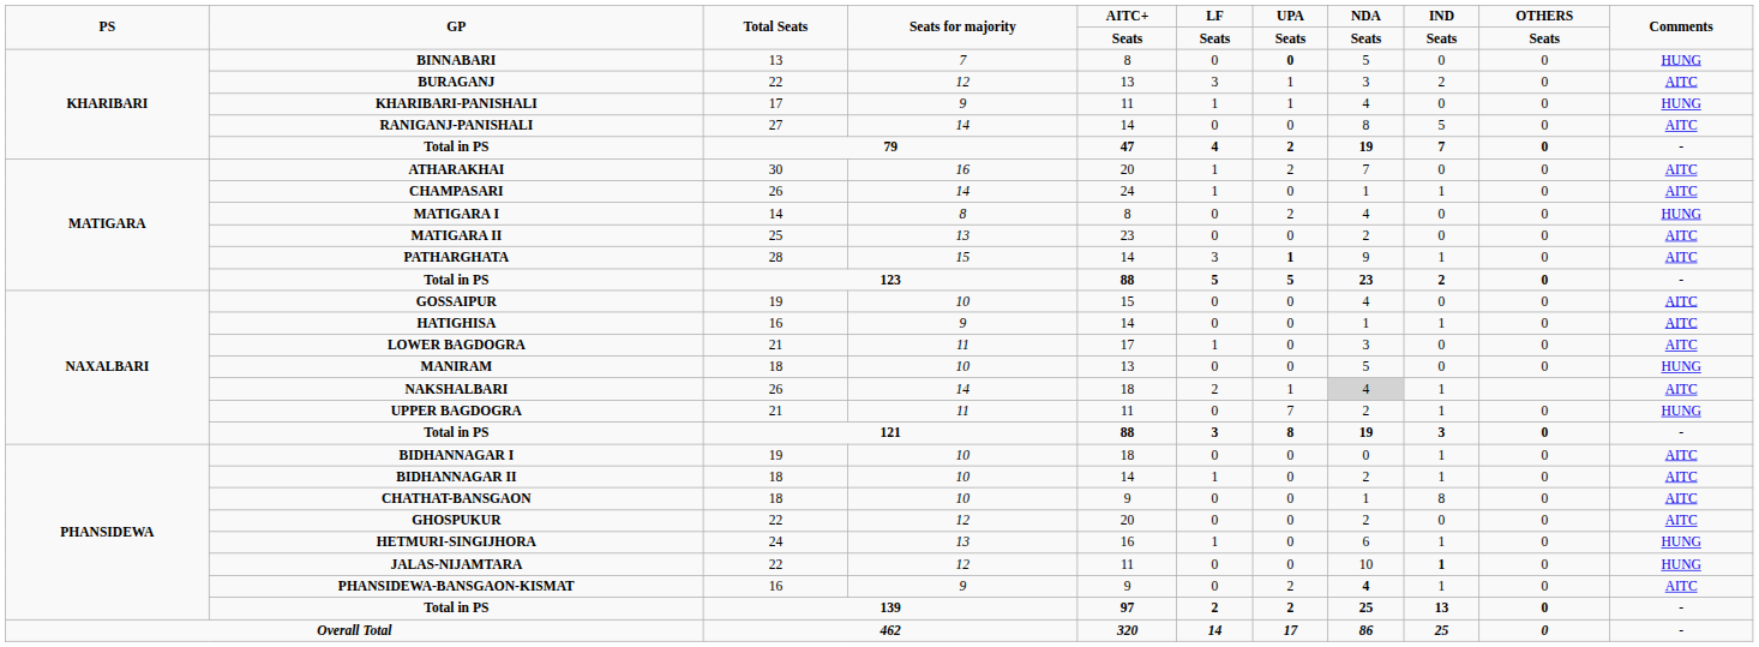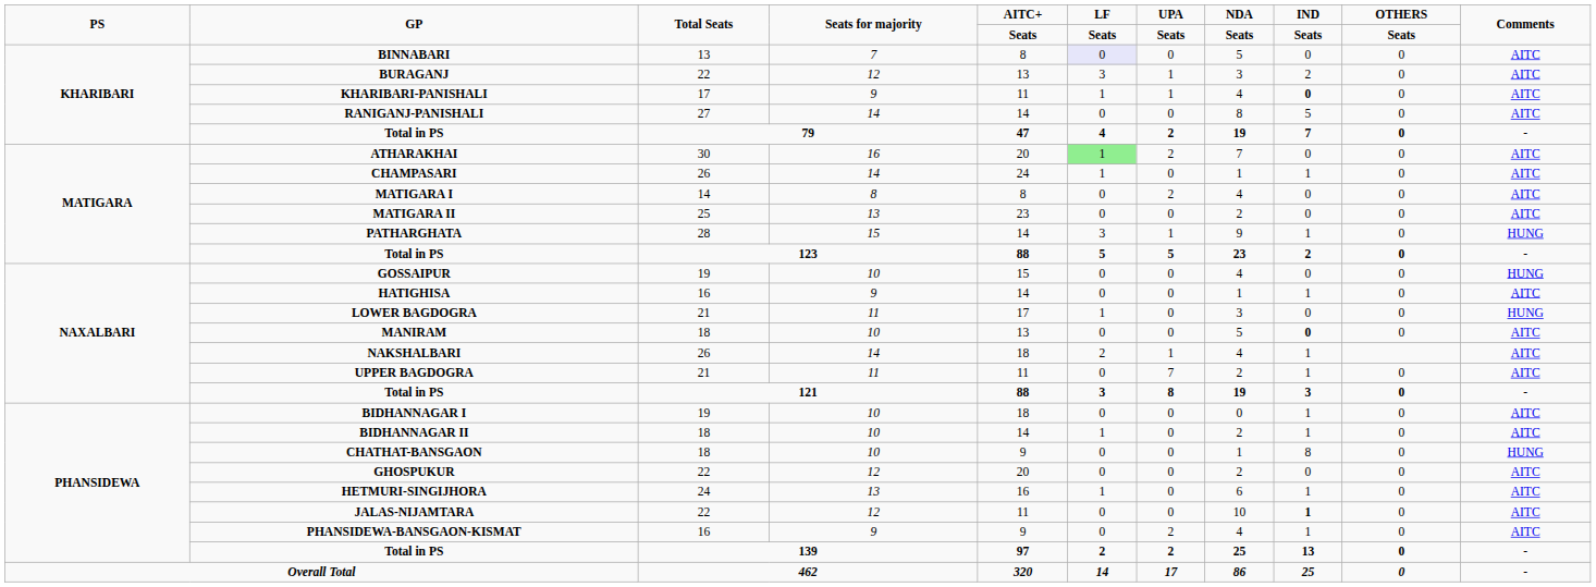 <table class="wikitable sortable" style="width:102%; text-align:center;">
 <tr>
 <td rowspan="2"><strong>PS</strong></td>
 <td rowspan="2"><strong>GP</strong></td>
 <td rowspan="2"><strong>Total Seats</strong></td>
 <td rowspan="2"><strong>Seats for majority</strong></td>
 <td style="background:"><strong>AITC+</strong></td>
 <td style="background:"><strong>LF</strong></td>
 <td style="background:"><strong>UPA</strong></td>
 <td style="background:"><strong>NDA</strong></td>
 <td style="background:"><strong>IND</strong></td>
 <td style="background:"><strong>OTHERS</strong></td>
 <td rowspan="2"><strong>Comments</strong></td>
 </tr>
 <tr>
 <td><strong>Seats</strong></td>
 <td><strong>Seats</strong></td>
 <td><strong>Seats</strong></td>
 <td><strong>Seats</strong></td>
 <td><strong>Seats</strong></td>
 <td><strong>Seats</strong></td>
 </tr>
 <tr>
 <td rowspan="5"><strong>KHARIBARI</strong></td>
 <td><strong>BINNABARI</strong></td>
 <td>13</td>
 <td><em>7</em></td>
 <td>8</td>
+<td style="background: lavender;">0</td>
 <td>0</td>
-<td><strong>0</strong></td>
 <td>5</td>
 <td>0</td>
 <td>0</td>
-<td><a href='#'>HUNG</a></td>
+<td><a href='#'>AITC</a></td>
 </tr>
 <tr>
 <td><strong>BURAGANJ</strong></td>
 <td>22</td>
 <td><em>12</em></td>
 <td>13</td>
 <td>3</td>
 <td>1</td>
 <td>3</td>
 <td>2</td>
 <td>0</td>
 <td><a href='#'>AITC</a></td>
 </tr>
 <tr>
 <td><strong>KHARIBARI-PANISHALI</strong></td>
 <td>17</td>
 <td><em>9</em></td>
 <td>11</td>
 <td>1</td>
 <td>1</td>
 <td>4</td>
+<td><strong>0</strong></td>
 <td>0</td>
-<td>0</td>
-<td><a href='#'>HUNG</a></td>
+<td><a href='#'>AITC</a></td>
 </tr>
 <tr>
 <td><strong>RANIGANJ-PANISHALI</strong></td>
 <td>27</td>
 <td><em>14</em></td>
 <td>14</td>
 <td>0</td>
 <td>0</td>
 <td>8</td>
 <td>5</td>
 <td>0</td>
 <td><a href='#'>AITC</a></td>
 </tr>
 <tr>
 <td><strong>Total in PS</strong></td>
 <td colspan="2"><strong>79</strong></td>
 <td><strong>47</strong></td>
 <td><strong>4</strong></td>
 <td><strong>2</strong></td>
 <td><strong>19</strong></td>
 <td><strong>7</strong></td>
 <td><strong>0</strong></td>
 <td>-</td>
 </tr>
 <tr>
 <td rowspan="6"><strong>MATIGARA</strong></td>
 <td><strong>ATHARAKHAI</strong></td>
 <td>30</td>
 <td><em>16</em></td>
 <td>20</td>
-<td>1</td>
+<td style="background: lightgreen;">1</td>
 <td>2</td>
 <td>7</td>
 <td>0</td>
 <td>0</td>
 <td><a href='#'>AITC</a></td>
 </tr>
 <tr>
 <td><strong>CHAMPASARI</strong></td>
 <td>26</td>
 <td><em>14</em></td>
 <td>24</td>
 <td>1</td>
 <td>0</td>
 <td>1</td>
 <td>1</td>
 <td>0</td>
 <td><a href='#'>AITC</a></td>
 </tr>
 <tr>
 <td><strong>MATIGARA I</strong></td>
 <td>14</td>
 <td><em>8</em></td>
 <td>8</td>
 <td>0</td>
 <td>2</td>
 <td>4</td>
 <td>0</td>
 <td>0</td>
-<td><a href='#'>HUNG</a></td>
+<td><a href='#'>AITC</a></td>
 </tr>
 <tr>
 <td><strong>MATIGARA II</strong></td>
 <td>25</td>
 <td><em>13</em></td>
 <td>23</td>
 <td>0</td>
 <td>0</td>
 <td>2</td>
 <td>0</td>
 <td>0</td>
 <td><a href='#'>AITC</a></td>
 </tr>
 <tr>
 <td><strong>PATHARGHATA</strong></td>
 <td>28</td>
 <td><em>15</em></td>
 <td>14</td>
 <td>3</td>
-<td><strong>1</strong></td>
+<td>1</td>
 <td>9</td>
 <td>1</td>
 <td>0</td>
-<td><a href='#'>AITC</a></td>
+<td><a href='#'>HUNG</a></td>
 </tr>
 <tr>
 <td><strong>Total in PS</strong></td>
 <td colspan="2"><strong>123</strong></td>
 <td><strong>88</strong></td>
 <td><strong>5</strong></td>
 <td><strong>5</strong></td>
 <td><strong>23</strong></td>
 <td><strong>2</strong></td>
 <td><strong>0</strong></td>
 <td>-</td>
 </tr>
 <tr>
 <td rowspan="7"><strong>NAXALBARI</strong></td>
 <td><strong>GOSSAIPUR</strong></td>
 <td>19</td>
 <td><em>10</em></td>
 <td>15</td>
 <td>0</td>
 <td>0</td>
 <td>4</td>
 <td>0</td>
 <td>0</td>
-<td><a href='#'>AITC</a></td>
+<td><a href='#'>HUNG</a></td>
 </tr>
 <tr>
 <td><strong>HATIGHISA</strong></td>
 <td>16</td>
 <td><em>9</em></td>
 <td>14</td>
 <td>0</td>
 <td>0</td>
 <td>1</td>
 <td>1</td>
 <td>0</td>
 <td><a href='#'>AITC</a></td>
 </tr>
 <tr>
 <td><strong>LOWER BAGDOGRA</strong></td>
 <td>21</td>
 <td><em>11</em></td>
 <td>17</td>
 <td>1</td>
 <td>0</td>
 <td>3</td>
 <td>0</td>
 <td>0</td>
-<td><a href='#'>AITC</a></td>
+<td><a href='#'>HUNG</a></td>
 </tr>
 <tr>
 <td><strong>MANIRAM</strong></td>
 <td>18</td>
 <td><em>10</em></td>
 <td>13</td>
 <td>0</td>
 <td>0</td>
 <td>5</td>
+<td><strong>0</strong></td>
 <td>0</td>
-<td>0</td>
-<td><a href='#'>HUNG</a></td>
+<td><a href='#'>AITC</a></td>
 </tr>
 <tr>
 <td><strong>NAKSHALBARI</strong></td>
 <td>26</td>
 <td><em>14</em></td>
 <td>18</td>
 <td>2</td>
 <td>1</td>
-<td style="background: lightgrey;">4</td>
+<td>4</td>
 <td>1</td>
 <td></td>
 <td><a href='#'>AITC</a></td>
 </tr>
 <tr>
 <td><strong>UPPER BAGDOGRA</strong></td>
 <td>21</td>
 <td><em>11</em></td>
 <td>11</td>
 <td>0</td>
 <td>7</td>
 <td>2</td>
 <td>1</td>
 <td>0</td>
-<td><a href='#'>HUNG</a></td>
+<td><a href='#'>AITC</a></td>
 </tr>
 <tr>
 <td><strong>Total in PS</strong></td>
 <td colspan="2"><strong>121</strong></td>
 <td><strong>88</strong></td>
 <td><strong>3</strong></td>
 <td><strong>8</strong></td>
 <td><strong>19</strong></td>
 <td><strong>3</strong></td>
 <td><strong>0</strong></td>
 <td>-</td>
 </tr>
 <tr>
 <td rowspan="8"><strong>PHANSIDEWA</strong></td>
 <td><strong>BIDHANNAGAR I</strong></td>
 <td>19</td>
 <td><em>10</em></td>
 <td>18</td>
 <td>0</td>
 <td>0</td>
 <td>0</td>
 <td>1</td>
 <td>0</td>
 <td><a href='#'>AITC</a></td>
 </tr>
 <tr>
 <td><strong>BIDHANNAGAR II</strong></td>
 <td>18</td>
 <td><em>10</em></td>
 <td>14</td>
 <td>1</td>
 <td>0</td>
 <td>2</td>
 <td>1</td>
 <td>0</td>
 <td><a href='#'>AITC</a></td>
 </tr>
 <tr>
 <td><strong>CHATHAT-BANSGAON</strong></td>
 <td>18</td>
 <td><em>10</em></td>
 <td>9</td>
 <td>0</td>
 <td>0</td>
 <td>1</td>
 <td>8</td>
 <td>0</td>
-<td><a href='#'>AITC</a></td>
+<td><a href='#'>HUNG</a></td>
 </tr>
 <tr>
 <td><strong>GHOSPUKUR</strong></td>
 <td>22</td>
 <td><em>12</em></td>
 <td>20</td>
 <td>0</td>
 <td>0</td>
 <td>2</td>
 <td>0</td>
 <td>0</td>
 <td><a href='#'>AITC</a></td>
 </tr>
 <tr>
 <td><strong>HETMURI-SINGIJHORA</strong></td>
 <td>24</td>
 <td><em>13</em></td>
 <td>16</td>
 <td>1</td>
 <td>0</td>
 <td>6</td>
 <td>1</td>
 <td>0</td>
-<td><a href='#'>HUNG</a></td>
+<td><a href='#'>AITC</a></td>
 </tr>
 <tr>
 <td><strong>JALAS-NIJAMTARA</strong></td>
 <td>22</td>
 <td><em>12</em></td>
 <td>11</td>
 <td>0</td>
 <td>0</td>
 <td>10</td>
 <td><strong>1</strong></td>
 <td>0</td>
-<td><a href='#'>HUNG</a></td>
+<td><a href='#'>AITC</a></td>
 </tr>
 <tr>
 <td><strong>PHANSIDEWA-BANSGAON-KISMAT</strong></td>
 <td>16</td>
 <td><em>9</em></td>
 <td>9</td>
 <td>0</td>
 <td>2</td>
-<td><strong>4</strong></td>
+<td>4</td>
 <td>1</td>
 <td>0</td>
 <td><a href='#'>AITC</a></td>
 </tr>
 <tr>
 <td><strong>Total in PS</strong></td>
 <td colspan="2"><strong>139</strong></td>
 <td><strong>97</strong></td>
 <td><strong>2</strong></td>
 <td><strong>2</strong></td>
 <td><strong>25</strong></td>
 <td><strong>13</strong></td>
 <td><strong>0</strong></td>
 <td>-</td>
 </tr>
 <tr>
 <td colspan="2"><strong><em>Overall Total</em></strong></td>
 <td colspan="2"><strong><em>462</em></strong></td>
 <td><strong><em>320</em></strong></td>
 <td><strong><em>14</em></strong></td>
 <td><strong><em>17</em></strong></td>
 <td><strong><em>86</em></strong></td>
 <td><strong><em>25</em></strong></td>
 <td><strong><em>0</em></strong></td>
 <td>-</td>
 </tr>
 </table>
